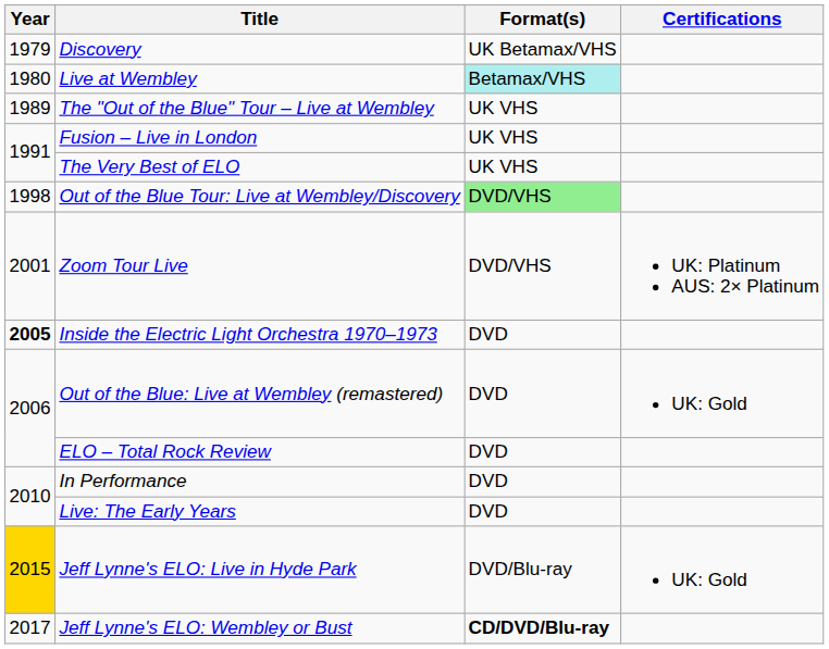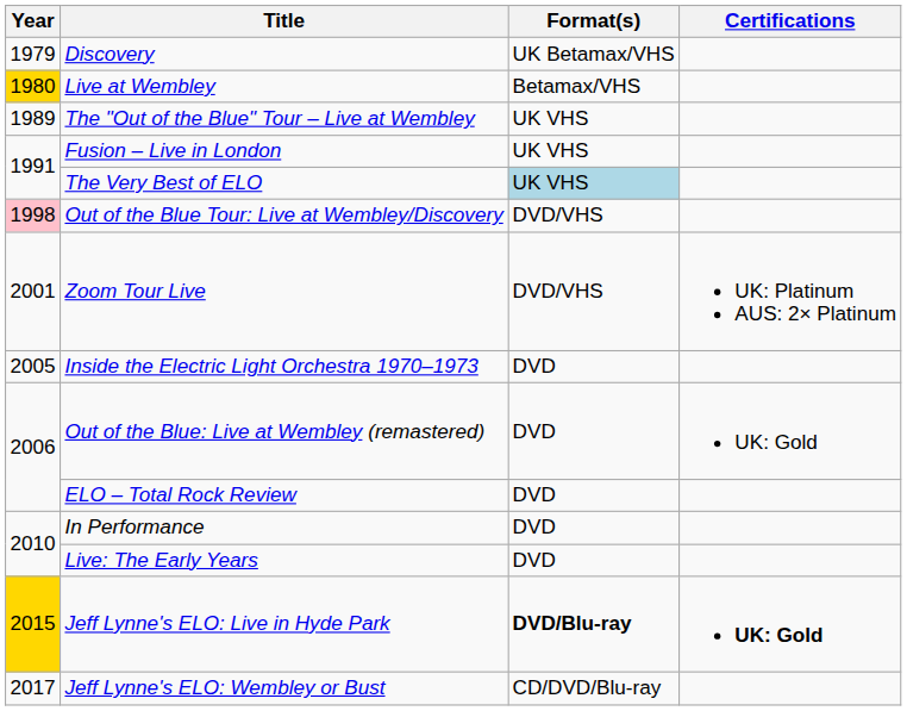 <table class="wikitable">
 <tr>
 <th>Year</th>
 <th>Title</th>
 <th>Format(s)</th>
 <th><a href='#'>Certifications</a></th>
 </tr>
 <tr>
 <td>1979</td>
 <td><em><a href='#'>Discovery</a></em></td>
 <td>UK Betamax/VHS</td>
 <td></td>
 </tr>
 <tr>
-<td>1980</td>
+<td style="background: gold;">1980</td>
 <td><em><a href='#'>Live at Wembley</a></em></td>
-<td style="background: paleturquoise;">Betamax/VHS</td>
+<td>Betamax/VHS</td>
 <td></td>
 </tr>
 <tr>
 <td>1989</td>
 <td><em><a href='#'>The "Out of the Blue" Tour – Live at Wembley</a></em></td>
 <td>UK VHS</td>
 <td></td>
 </tr>
 <tr>
 <td rowspan="2">1991</td>
 <td><em><a href='#'>Fusion – Live in London</a></em></td>
 <td>UK VHS</td>
 <td></td>
 </tr>
 <tr>
 <td><em><a href='#'>The Very Best of ELO</a></em></td>
-<td>UK VHS</td>
+<td style="background: lightblue;">UK VHS</td>
 <td></td>
 </tr>
 <tr>
-<td>1998</td>
+<td style="background: pink;">1998</td>
 <td><em><a href='#'>Out of the Blue Tour: Live at Wembley/Discovery</a></em></td>
-<td style="background: lightgreen;">DVD/VHS</td>
+<td>DVD/VHS</td>
 <td></td>
 </tr>
 <tr>
 <td>2001</td>
 <td><em><a href='#'>Zoom Tour Live</a></em></td>
 <td>DVD/VHS</td>
 <td><br><ul><li>UK: Platinum</li><li>AUS: 2× Platinum</li></ul></td>
 </tr>
 <tr>
-<td><strong>2005</strong></td>
+<td>2005</td>
 <td><em><a href='#'>Inside the Electric Light Orchestra 1970–1973</a></em></td>
 <td>DVD</td>
 <td></td>
 </tr>
 <tr>
 <td rowspan="2">2006</td>
 <td><em><a href='#'>Out of the Blue: Live at Wembley</a> (remastered)</em></td>
 <td>DVD</td>
 <td><br><ul><li>UK: Gold</li></ul></td>
 </tr>
 <tr>
 <td><em><a href='#'>ELO – Total Rock Review</a></em></td>
 <td>DVD</td>
 <td></td>
 </tr>
 <tr>
 <td rowspan="2">2010</td>
 <td><em>In Performance</em></td>
 <td>DVD</td>
 <td></td>
 </tr>
 <tr>
 <td><em><a href='#'>Live: The Early Years</a></em></td>
 <td>DVD</td>
 <td></td>
 </tr>
 <tr>
 <td style="background: gold;">2015</td>
 <td><em><a href='#'>Jeff Lynne's ELO: Live in Hyde Park</a></em></td>
-<td>DVD/Blu-ray</td>
-<td><br><ul><li>UK: Gold</li></ul></td>
+<td><strong>DVD/Blu-ray</strong></td>
+<td><strong><br><ul><li>UK: Gold</li></ul></strong></td>
 </tr>
 <tr>
 <td>2017</td>
 <td><em><a href='#'>Jeff Lynne's ELO: Wembley or Bust</a></em></td>
-<td><strong>CD/DVD/Blu-ray</strong></td>
+<td>CD/DVD/Blu-ray</td>
 <td></td>
 </tr>
 </table>
